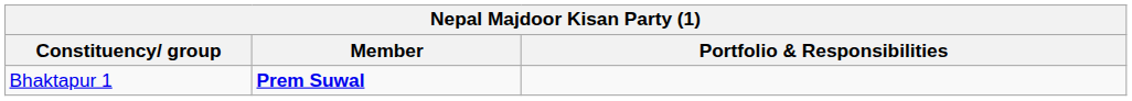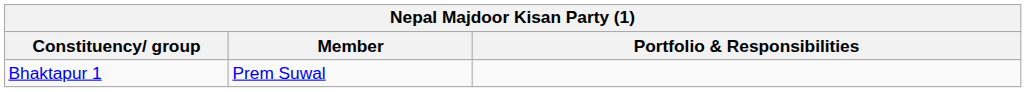 <table class="wikitable">
 <tr>
 <th colspan="3" style="width: 700pt; background:">Nepal Majdoor Kisan Party (1)</th>
 </tr>
 <tr>
 <th style="width:150pt;">Constituency/ group</th>
 <th>Member</th>
 <th style="width:375pt;">Portfolio & Responsibilities</th>
 </tr>
 <tr>
 <td><a href='#'>Bhaktapur 1</a></td>
-<td><strong><a href='#'>Prem Suwal</a></strong></td>
+<td><a href='#'>Prem Suwal</a></td>
 <td></td>
 </tr>
 </table>
